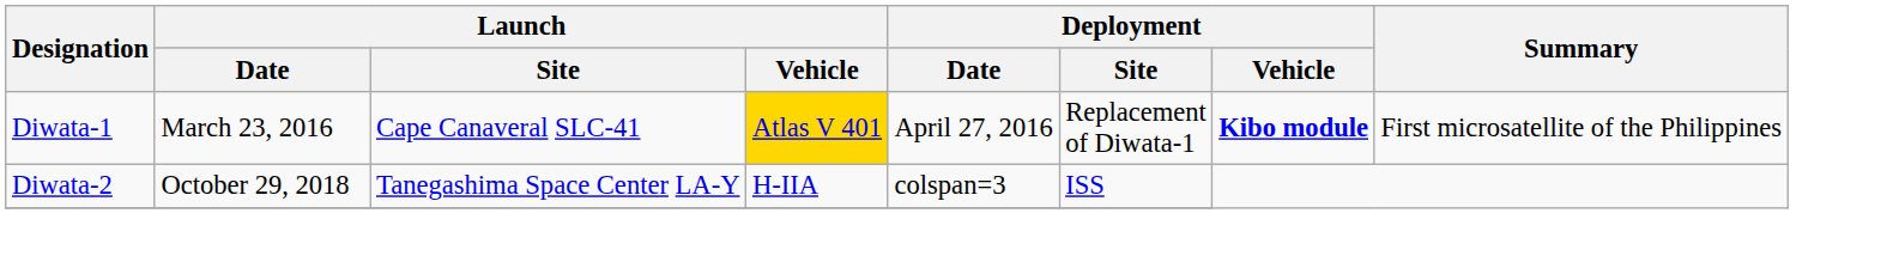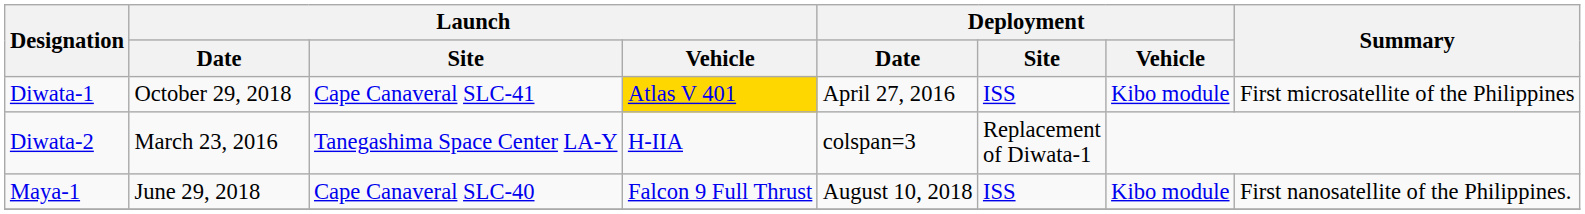 <table class="wikitable" style="font-size:100%;">
 <tr>
 <th rowspan=2>Designation</th>
 <th colspan=3>Launch</th>
 <th colspan=3>Deployment</th>
 <th rowspan=2>Summary</th>
 </tr>
 <tr>
 <th>Date</th>
 <th>Site</th>
 <th>Vehicle</th>
 <th>Date</th>
 <th>Site</th>
 <th>Vehicle</th>
 </tr>
 <tr>
 <td><a href='#'>Diwata-1</a></td>
-<td width=120px>March 23, 2016</td>
+<td width=120px>October 29, 2018</td>
 <td> <a href='#'>Cape Canaveral</a> <a href='#'>SLC-41</a></td>
 <td style="background: gold;"> <a href='#'>Atlas V 401</a></td>
 <td>April 27, 2016</td>
-<td>Replacement of Diwata-1</td>
-<td><strong> <a href='#'>Kibo module</a></strong></td>
+<td width=60px><a href='#'>ISS</a></td>
+<td> <a href='#'>Kibo module</a></td>
 <td>First microsatellite of the Philippines</td>
 </tr>
 <tr>
 <td><a href='#'>Diwata-2</a></td>
-<td width=120px>October 29, 2018</td>
+<td width=120px>March 23, 2016</td>
 <td> <a href='#'>Tanegashima Space Center</a> <a href='#'>LA-Y</a></td>
 <td> <a href='#'>H-IIA</a></td>
 <td>colspan=3</td>
+<td>Replacement of Diwata-1</td>
+</tr>
+<tr>
+<td><a href='#'>Maya-1</a></td>
+<td width=120px>June 29, 2018</td>
+<td> <a href='#'>Cape Canaveral</a> <a href='#'>SLC-40</a></td>
+<td> <a href='#'>Falcon 9 Full Thrust</a></td>
+<td>August 10, 2018</td>
 <td width=60px><a href='#'>ISS</a></td>
+<td> <a href='#'>Kibo module</a></td>
+<td>First nanosatellite of the Philippines.</td>
 </tr>
 <tr>
 </tr>
 </table>
